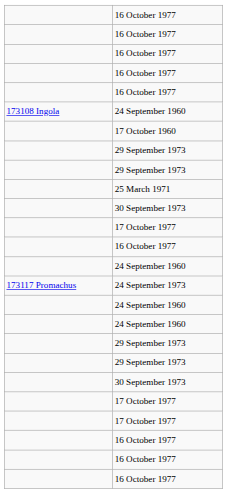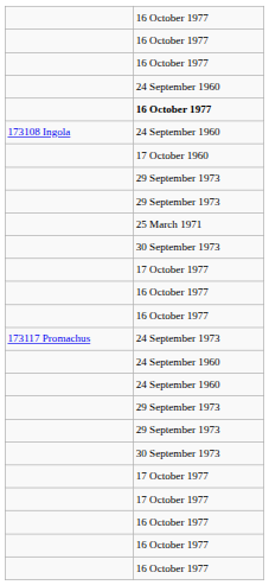 <table class="wikitable" style="font-size: 89%; float: left; width: 24em; margin-right: 1em; line-height: 1.65em">
 <tr>
 <td></td>
 <td>16 October 1977</td>
 </tr>
 <tr>
 <td></td>
 <td>16 October 1977</td>
 </tr>
 <tr>
 <td></td>
 <td>16 October 1977</td>
 </tr>
 <tr>
 <td></td>
-<td>16 October 1977</td>
+<td>24 September 1960</td>
 </tr>
 <tr>
 <td></td>
-<td>16 October 1977</td>
+<td><strong>16 October 1977</strong></td>
 </tr>
 <tr>
 <td><a href='#'>173108 Ingola</a></td>
 <td>24 September 1960</td>
 </tr>
 <tr>
 <td></td>
 <td>17 October 1960</td>
 </tr>
 <tr>
 <td></td>
 <td>29 September 1973</td>
 </tr>
 <tr>
 <td></td>
 <td>29 September 1973</td>
 </tr>
 <tr>
 <td></td>
 <td>25 March 1971</td>
 </tr>
 <tr>
 <td></td>
 <td>30 September 1973</td>
 </tr>
 <tr>
 <td></td>
 <td>17 October 1977</td>
 </tr>
 <tr>
 <td></td>
 <td>16 October 1977</td>
 </tr>
 <tr>
 <td></td>
-<td>24 September 1960</td>
+<td>16 October 1977</td>
 </tr>
 <tr>
 <td><a href='#'>173117 Promachus</a></td>
 <td>24 September 1973</td>
 </tr>
 <tr>
 <td></td>
 <td>24 September 1960</td>
 </tr>
 <tr>
 <td></td>
 <td>24 September 1960</td>
 </tr>
 <tr>
 <td></td>
 <td>29 September 1973</td>
 </tr>
 <tr>
 <td></td>
 <td>29 September 1973</td>
 </tr>
 <tr>
 <td></td>
 <td>30 September 1973</td>
 </tr>
 <tr>
 <td></td>
 <td>17 October 1977</td>
 </tr>
 <tr>
 <td></td>
 <td>17 October 1977</td>
 </tr>
 <tr>
 <td></td>
 <td>16 October 1977</td>
 </tr>
 <tr>
 <td></td>
 <td>16 October 1977</td>
 </tr>
 <tr>
 <td></td>
 <td>16 October 1977</td>
 </tr>
 </table>
